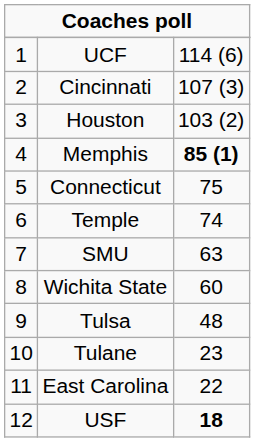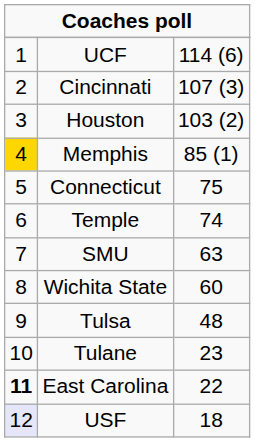 <table class="wikitable">
 <tr align="center">
 <td align="center" Colspan="3"><strong>Coaches poll</strong></td>
 </tr>
 <tr align="center">
 </tr>
 <tr align="center">
 <td>1</td>
 <td>UCF</td>
 <td>114 (6)</td>
 </tr>
 <tr align="center">
 <td>2</td>
 <td>Cincinnati</td>
 <td>107 (3)</td>
 </tr>
 <tr align="center">
 <td>3</td>
 <td>Houston</td>
 <td>103 (2)</td>
 </tr>
 <tr align="center">
-<td>4</td>
+<td style="background: gold;">4</td>
 <td>Memphis</td>
-<td><strong>85 (1)</strong></td>
+<td>85 (1)</td>
 </tr>
 <tr align="center">
 <td>5</td>
 <td>Connecticut</td>
 <td>75</td>
 </tr>
 <tr align="center">
 <td>6</td>
 <td>Temple</td>
 <td>74</td>
 </tr>
 <tr align="center">
 <td>7</td>
 <td>SMU</td>
 <td>63</td>
 </tr>
 <tr align="center">
 <td>8</td>
 <td>Wichita State</td>
 <td>60</td>
 </tr>
 <tr align="center">
 <td>9</td>
 <td>Tulsa</td>
 <td>48</td>
 </tr>
 <tr align="center">
 <td>10</td>
 <td>Tulane</td>
 <td>23</td>
 </tr>
 <tr align="center">
-<td>11</td>
+<td><strong>11</strong></td>
 <td>East Carolina</td>
 <td>22</td>
 </tr>
 <tr align="center">
-<td>12</td>
+<td style="background: lavender;">12</td>
 <td>USF</td>
-<td><strong>18</strong></td>
+<td>18</td>
 </tr>
 </table>
